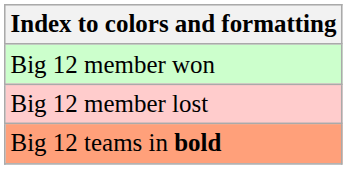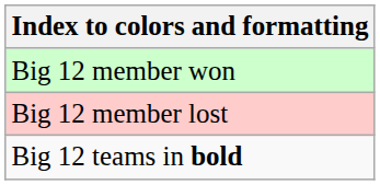 <table class="wikitable">
 <tr>
 <th>Index to colors and formatting</th>
 </tr>
 <tr bgcolor=#ccffcc>
 <td>Big 12 member won</td>
 </tr>
 <tr bgcolor=#ffcccc>
 <td>Big 12 member lost</td>
 </tr>
 <tr>
-<td style="background: lightsalmon;">Big 12 teams in <strong>bold</strong></td>
+<td>Big 12 teams in <strong>bold</strong></td>
 </tr>
 </table>
